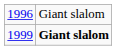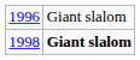 <table class="wikitable">
 <tr>
 <td><a href='#'>1996</a></td>
 <td>Giant slalom</td>
 </tr>
 <tr>
-<td><a href='#'>1999</a></td>
+<td><a href='#'>1998</a></td>
 <td><strong>Giant slalom</strong></td>
 </tr>
 </table>
